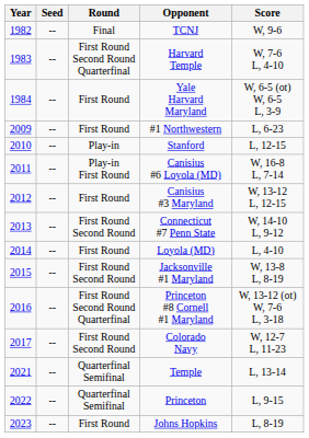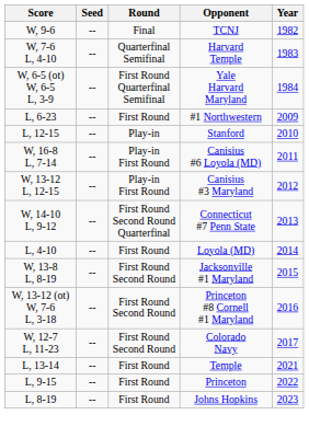 <table class="wikitable">
 <tr>
-<th style="width:40px; ">Year</th>
+<th style="width:100px; ">Score</th>
 <th style="width:40px; ">Seed</th>
 <th style="width:100px; ">Round</th>
 <th style="width:130px; ">Opponent</th>
-<th style="width:100px; ">Score</th>
+<th style="width:40px; ">Year</th>
 </tr>
 <tr align="center">
-<td><a href='#'>1982</a></td>
+<td>W, 9-6</td>
 <td>--</td>
 <td>Final</td>
 <td><a href='#'>TCNJ</a></td>
-<td>W, 9-6</td>
+<td><a href='#'>1982</a></td>
 </tr>
 <tr align="center">
+<td>W, 7-6<br>L, 4-10</td>
+<td>--</td>
+<td>Quarterfinal<br>Semifinal</td>
+<td><a href='#'>Harvard</a><br><a href='#'>Temple</a></td>
 <td><a href='#'>1983</a></td>
-<td>--</td>
-<td>First Round<br>Second Round<br>Quarterfinal</td>
-<td><a href='#'>Harvard</a><br><a href='#'>Temple</a></td>
-<td>W, 7-6<br>L, 4-10</td>
 </tr>
 <tr align="center">
+<td>W, 6-5 (ot)<br>W, 6-5<br>L, 3-9</td>
+<td>--</td>
+<td>First Round<br>Quarterfinal<br>Semifinal</td>
+<td><a href='#'>Yale</a><br><a href='#'>Harvard</a><br><a href='#'>Maryland</a></td>
 <td><a href='#'>1984</a></td>
-<td>--</td>
-<td>First Round</td>
-<td><a href='#'>Yale</a><br><a href='#'>Harvard</a><br><a href='#'>Maryland</a></td>
-<td>W, 6-5 (ot)<br>W, 6-5<br>L, 3-9</td>
 </tr>
 <tr align="center">
-<td><a href='#'>2009</a></td>
+<td>L, 6-23</td>
 <td>--</td>
 <td>First Round</td>
 <td>#1 <a href='#'>Northwestern</a></td>
-<td>L, 6-23</td>
+<td><a href='#'>2009</a></td>
 </tr>
 <tr align="center">
-<td><a href='#'>2010</a></td>
+<td>L, 12-15</td>
 <td>--</td>
 <td>Play-in</td>
 <td><a href='#'>Stanford</a></td>
-<td>L, 12-15</td>
+<td><a href='#'>2010</a></td>
 </tr>
 <tr align="center">
-<td><a href='#'>2011</a></td>
+<td>W, 16-8<br>L, 7-14</td>
 <td>--</td>
 <td>Play-in<br>First Round</td>
 <td><a href='#'>Canisius</a><br>#6 <a href='#'>Loyola (MD)</a></td>
-<td>W, 16-8<br>L, 7-14</td>
+<td><a href='#'>2011</a></td>
 </tr>
 <tr align="center">
+<td>W, 13-12<br>L, 12-15</td>
+<td>--</td>
+<td>Play-in<br>First Round</td>
+<td><a href='#'>Canisius</a><br>#3 <a href='#'>Maryland</a></td>
 <td><a href='#'>2012</a></td>
-<td>--</td>
-<td>First Round</td>
-<td><a href='#'>Canisius</a><br>#3 <a href='#'>Maryland</a></td>
-<td>W, 13-12<br>L, 12-15</td>
 </tr>
 <tr align="center">
+<td>W, 14-10<br>L, 9-12</td>
+<td>--</td>
+<td>First Round<br>Second Round<br>Quarterfinal</td>
+<td><a href='#'>Connecticut</a><br>#7 <a href='#'>Penn State</a></td>
 <td><a href='#'>2013</a></td>
-<td>--</td>
-<td>First Round<br>Second Round</td>
-<td><a href='#'>Connecticut</a><br>#7 <a href='#'>Penn State</a></td>
-<td>W, 14-10<br>L, 9-12</td>
 </tr>
 <tr align="center">
-<td><a href='#'>2014</a></td>
+<td>L, 4-10</td>
 <td>--</td>
 <td>First Round</td>
 <td><a href='#'>Loyola (MD)</a></td>
-<td>L, 4-10</td>
+<td><a href='#'>2014</a></td>
 </tr>
 <tr align="center">
-<td><a href='#'>2015</a></td>
+<td>W, 13-8<br>L, 8-19</td>
 <td>--</td>
 <td>First Round<br>Second Round</td>
 <td><a href='#'>Jacksonville</a><br>#1 <a href='#'>Maryland</a></td>
-<td>W, 13-8<br>L, 8-19</td>
+<td><a href='#'>2015</a></td>
 </tr>
 <tr align="center">
+<td>W, 13-12 (ot)<br>W, 7-6<br>L, 3-18</td>
+<td>--</td>
+<td>First Round<br>Second Round</td>
+<td><a href='#'>Princeton</a><br>#8 <a href='#'>Cornell</a><br>#1 <a href='#'>Maryland</a></td>
 <td><a href='#'>2016</a></td>
-<td>--</td>
-<td>First Round<br>Second Round<br>Quarterfinal</td>
-<td><a href='#'>Princeton</a><br>#8 <a href='#'>Cornell</a><br>#1 <a href='#'>Maryland</a></td>
-<td>W, 13-12 (ot)<br>W, 7-6<br>L, 3-18</td>
 </tr>
 <tr align="center">
-<td><a href='#'>2017</a></td>
+<td>W, 12-7<br>L, 11-23</td>
 <td>--</td>
 <td>First Round<br>Second Round</td>
 <td><a href='#'>Colorado</a><br><a href='#'>Navy</a></td>
-<td>W, 12-7<br>L, 11-23</td>
+<td><a href='#'>2017</a></td>
 </tr>
 <tr align="center">
+<td>L, 13-14</td>
+<td>--</td>
+<td>First Round</td>
+<td><a href='#'>Temple</a></td>
 <td><a href='#'>2021</a></td>
-<td>--</td>
-<td>Quarterfinal<br>Semifinal</td>
-<td><a href='#'>Temple</a></td>
-<td>L, 13-14</td>
 </tr>
 <tr align="center">
+<td>L, 9-15</td>
+<td>--</td>
+<td>First Round</td>
+<td><a href='#'>Princeton</a></td>
 <td><a href='#'>2022</a></td>
-<td>--</td>
-<td>Quarterfinal<br>Semifinal</td>
-<td><a href='#'>Princeton</a></td>
-<td>L, 9-15</td>
 </tr>
 <tr align="center">
-<td><a href='#'>2023</a></td>
+<td>L, 8-19</td>
 <td>--</td>
 <td>First Round</td>
 <td><a href='#'>Johns Hopkins</a></td>
-<td>L, 8-19</td>
+<td><a href='#'>2023</a></td>
 </tr>
 </table>
